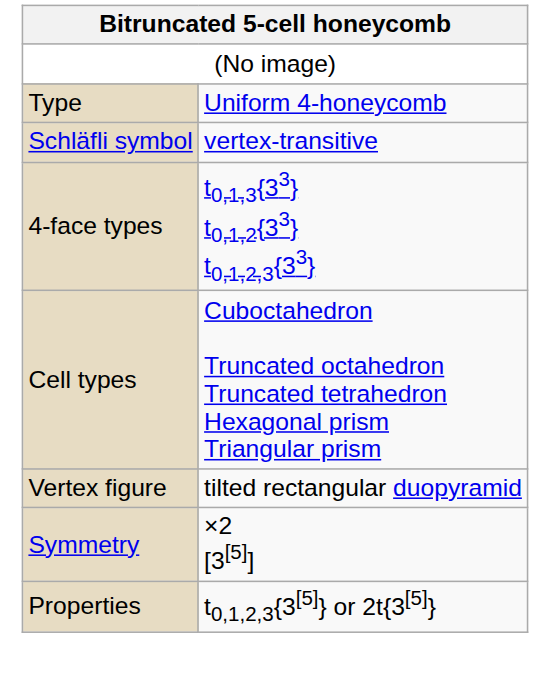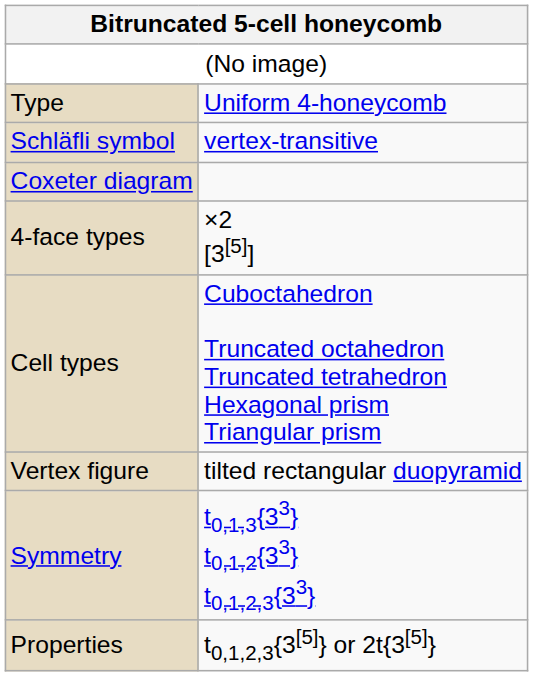 <table class="wikitable" align="right" style="margin-left:10px">
 <tr>
 <th bgcolor=#e7dcc3 colspan=2>Bitruncated 5-cell honeycomb</th>
 </tr>
 <tr>
 <td bgcolor=#ffffff align=center colspan=2>(No image)</td>
 </tr>
 <tr>
 <td bgcolor=#e7dcc3>Type</td>
 <td><a href='#'>Uniform 4-honeycomb</a></td>
 </tr>
 <tr>
 <td bgcolor=#e7dcc3><a href='#'>Schläfli symbol</a></td>
 <td><a href='#'>vertex-transitive</a></td>
 </tr>
 <tr>
+<td bgcolor=#e7dcc3><a href='#'>Coxeter diagram</a></td>
+<td></td>
+</tr>
+<tr>
 <td bgcolor=#e7dcc3>4-face types</td>
-<td><a href='#'>t<sub>0,1,3</sub>{3<sup>3</sup>}</a> <br><a href='#'>t<sub>0,1,2</sub>{3<sup>3</sup>}</a> <br><a href='#'>t<sub>0,1,2,3</sub>{3<sup>3</sup>}</a> </td>
+<td>×2<br>[3<sup>[5]</sup>]</td>
 </tr>
 <tr>
 <td bgcolor=#e7dcc3>Cell types</td>
 <td><a href='#'>Cuboctahedron</a> <br><br><a href='#'>Truncated octahedron</a> <br> <a href='#'>Truncated tetrahedron</a> <br> <a href='#'>Hexagonal prism</a> <br> <a href='#'>Triangular prism</a> </td>
 </tr>
 <tr>
 <td bgcolor=#e7dcc3>Vertex figure</td>
 <td>tilted rectangular <a href='#'>duopyramid</a></td>
 </tr>
 <tr>
 <td bgcolor=#e7dcc3><a href='#'>Symmetry</a></td>
-<td>×2<br>[3<sup>[5]</sup>]</td>
+<td><a href='#'>t<sub>0,1,3</sub>{3<sup>3</sup>}</a> <br><a href='#'>t<sub>0,1,2</sub>{3<sup>3</sup>}</a> <br><a href='#'>t<sub>0,1,2,3</sub>{3<sup>3</sup>}</a> </td>
 </tr>
 <tr>
 <td bgcolor=#e7dcc3>Properties</td>
 <td>t<sub>0,1,2,3</sub>{3<sup>[5]</sup>} or 2t{3<sup>[5]</sup>}</td>
 </tr>
 </table>
